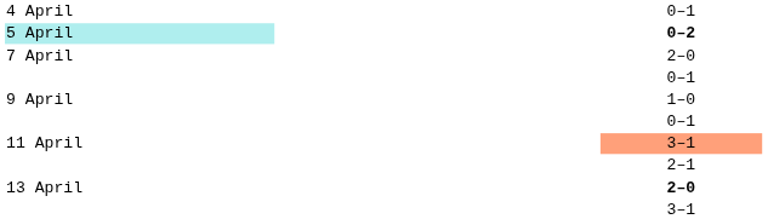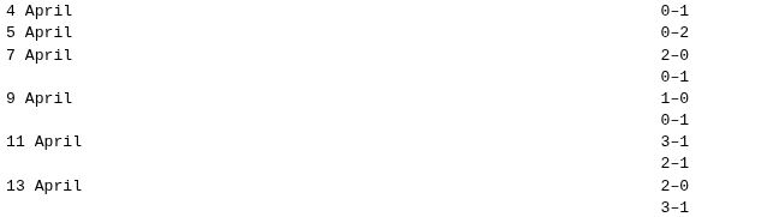 <table cellspacing=1 width=70%>
 <tr>
 <th width=25%></th>
 <th width=30%></th>
 <th width=15%></th>
 <th width=30%></th>
 </tr>
 <tr>
 <td>4 April</td>
 <td align=right></td>
 <td align=center>0–1</td>
 <td></td>
 </tr>
 <tr>
-<td style="background: paleturquoise;">5 April</td>
+<td>5 April</td>
 <td align=right></td>
-<td align=center><strong>0–2</strong></td>
+<td align=center>0–2</td>
 <td></td>
 </tr>
 <tr>
 <td>7 April</td>
 <td align=right></td>
 <td align=center>2–0</td>
 <td></td>
 </tr>
 <tr>
 <td></td>
 <td align=right></td>
 <td align=center>0–1</td>
 <td></td>
 </tr>
 <tr>
 <td>9 April</td>
 <td align=right></td>
 <td align=center>1–0</td>
 <td></td>
 </tr>
 <tr>
 <td></td>
 <td align=right></td>
 <td align=center>0–1</td>
 <td></td>
 </tr>
 <tr>
 <td>11 April</td>
 <td align=right></td>
-<td align=center style="background: lightsalmon;">3–1</td>
+<td align=center>3–1</td>
 <td></td>
 </tr>
 <tr>
 <td></td>
 <td align=right></td>
 <td align=center>2–1</td>
 <td></td>
 </tr>
 <tr>
 <td>13 April</td>
 <td align=right></td>
-<td align=center><strong>2–0</strong></td>
+<td align=center>2–0</td>
 <td></td>
 </tr>
 <tr>
 <td></td>
 <td align=right></td>
 <td align=center>3–1</td>
 <td></td>
 </tr>
 </table>
